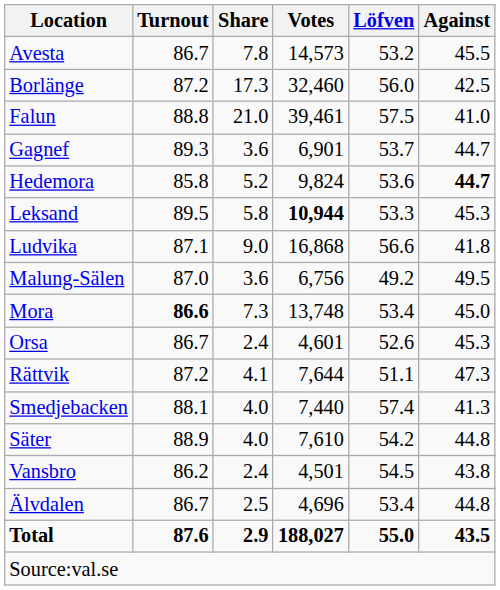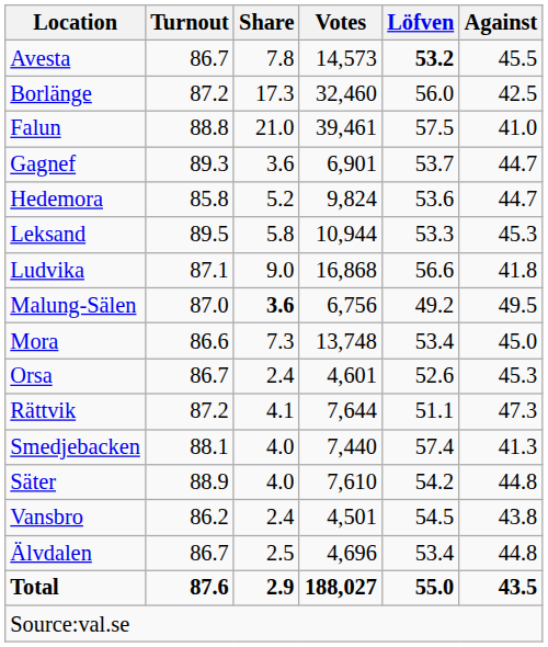 <table class="wikitable sortable" style=text-align:right>
 <tr>
 <th>Location</th>
 <th>Turnout</th>
 <th>Share</th>
 <th>Votes</th>
 <th><a href='#'>Löfven</a></th>
 <th>Against</th>
 </tr>
 <tr>
 <td align=left><a href='#'>Avesta</a></td>
 <td>86.7</td>
 <td>7.8</td>
 <td>14,573</td>
-<td>53.2</td>
+<td><strong>53.2</strong></td>
 <td>45.5</td>
 </tr>
 <tr>
 <td align=left><a href='#'>Borlänge</a></td>
 <td>87.2</td>
 <td>17.3</td>
 <td>32,460</td>
 <td>56.0</td>
 <td>42.5</td>
 </tr>
 <tr>
 <td align=left><a href='#'>Falun</a></td>
 <td>88.8</td>
 <td>21.0</td>
 <td>39,461</td>
 <td>57.5</td>
 <td>41.0</td>
 </tr>
 <tr>
 <td align=left><a href='#'>Gagnef</a></td>
 <td>89.3</td>
 <td>3.6</td>
 <td>6,901</td>
 <td>53.7</td>
 <td>44.7</td>
 </tr>
 <tr>
 <td align=left><a href='#'>Hedemora</a></td>
 <td>85.8</td>
 <td>5.2</td>
 <td>9,824</td>
 <td>53.6</td>
-<td><strong>44.7</strong></td>
+<td>44.7</td>
 </tr>
 <tr>
 <td align=left><a href='#'>Leksand</a></td>
 <td>89.5</td>
 <td>5.8</td>
-<td><strong>10,944</strong></td>
+<td>10,944</td>
 <td>53.3</td>
 <td>45.3</td>
 </tr>
 <tr>
 <td align=left><a href='#'>Ludvika</a></td>
 <td>87.1</td>
 <td>9.0</td>
 <td>16,868</td>
 <td>56.6</td>
 <td>41.8</td>
 </tr>
 <tr>
 <td align=left><a href='#'>Malung-Sälen</a></td>
 <td>87.0</td>
-<td>3.6</td>
+<td><strong>3.6</strong></td>
 <td>6,756</td>
 <td>49.2</td>
 <td>49.5</td>
 </tr>
 <tr>
 <td align=left><a href='#'>Mora</a></td>
-<td><strong>86.6</strong></td>
+<td>86.6</td>
 <td>7.3</td>
 <td>13,748</td>
 <td>53.4</td>
 <td>45.0</td>
 </tr>
 <tr>
 <td align=left><a href='#'>Orsa</a></td>
 <td>86.7</td>
 <td>2.4</td>
 <td>4,601</td>
 <td>52.6</td>
 <td>45.3</td>
 </tr>
 <tr>
 <td align=left><a href='#'>Rättvik</a></td>
 <td>87.2</td>
 <td>4.1</td>
 <td>7,644</td>
 <td>51.1</td>
 <td>47.3</td>
 </tr>
 <tr>
 <td align=left><a href='#'>Smedjebacken</a></td>
 <td>88.1</td>
 <td>4.0</td>
 <td>7,440</td>
 <td>57.4</td>
 <td>41.3</td>
 </tr>
 <tr>
 <td align=left><a href='#'>Säter</a></td>
 <td>88.9</td>
 <td>4.0</td>
 <td>7,610</td>
 <td>54.2</td>
 <td>44.8</td>
 </tr>
 <tr>
 <td align=left><a href='#'>Vansbro</a></td>
 <td>86.2</td>
 <td>2.4</td>
 <td>4,501</td>
 <td>54.5</td>
 <td>43.8</td>
 </tr>
 <tr>
 <td align=left><a href='#'>Älvdalen</a></td>
 <td>86.7</td>
 <td>2.5</td>
 <td>4,696</td>
 <td>53.4</td>
 <td>44.8</td>
 </tr>
 <tr>
 <td align=left><strong>Total</strong></td>
 <td><strong>87.6</strong></td>
 <td><strong>2.9</strong></td>
 <td><strong>188,027</strong></td>
 <td><strong>55.0</strong></td>
 <td><strong>43.5</strong></td>
 </tr>
 <tr>
 <td align=left colspan=6>Source:val.se</td>
 </tr>
 </table>
